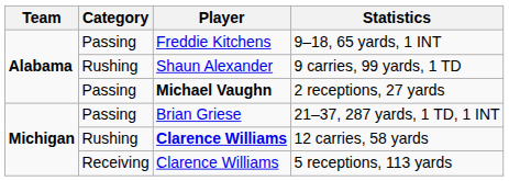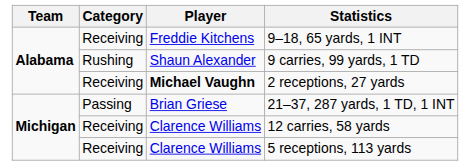 <table class="wikitable" style="float: right;">
 <tr>
 <th>Team</th>
 <th>Category</th>
 <th>Player</th>
 <th>Statistics</th>
 </tr>
 <tr>
 <td rowspan=3><strong>Alabama</strong></td>
-<td>Passing</td>
+<td>Receiving</td>
 <td><a href='#'>Freddie Kitchens</a></td>
 <td>9–18, 65 yards, 1 INT</td>
 </tr>
 <tr>
 <td>Rushing</td>
 <td><a href='#'>Shaun Alexander</a></td>
 <td>9 carries, 99 yards, 1 TD</td>
 </tr>
 <tr>
-<td>Passing</td>
+<td>Receiving</td>
 <td><strong>Michael Vaughn</strong></td>
 <td>2 receptions, 27 yards</td>
 </tr>
 <tr>
 <td rowspan=3><strong>Michigan</strong></td>
 <td>Passing</td>
 <td><a href='#'>Brian Griese</a></td>
 <td>21–37, 287 yards, 1 TD, 1 INT</td>
 </tr>
 <tr>
-<td>Rushing</td>
-<td><strong><a href='#'>Clarence Williams</a></strong></td>
+<td>Receiving</td>
+<td><a href='#'>Clarence Williams</a></td>
 <td>12 carries, 58 yards</td>
 </tr>
 <tr>
 <td>Receiving</td>
 <td><a href='#'>Clarence Williams</a></td>
 <td>5 receptions, 113 yards</td>
 </tr>
 </table>
